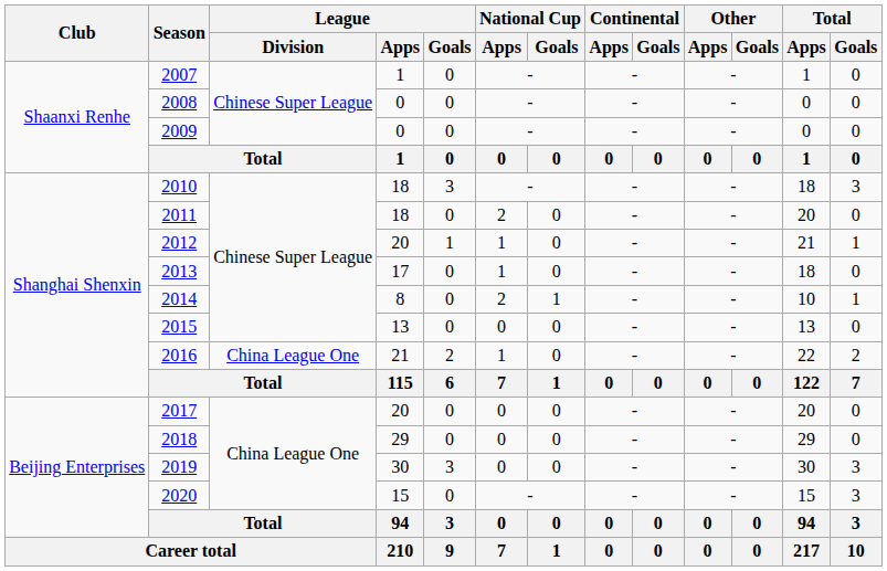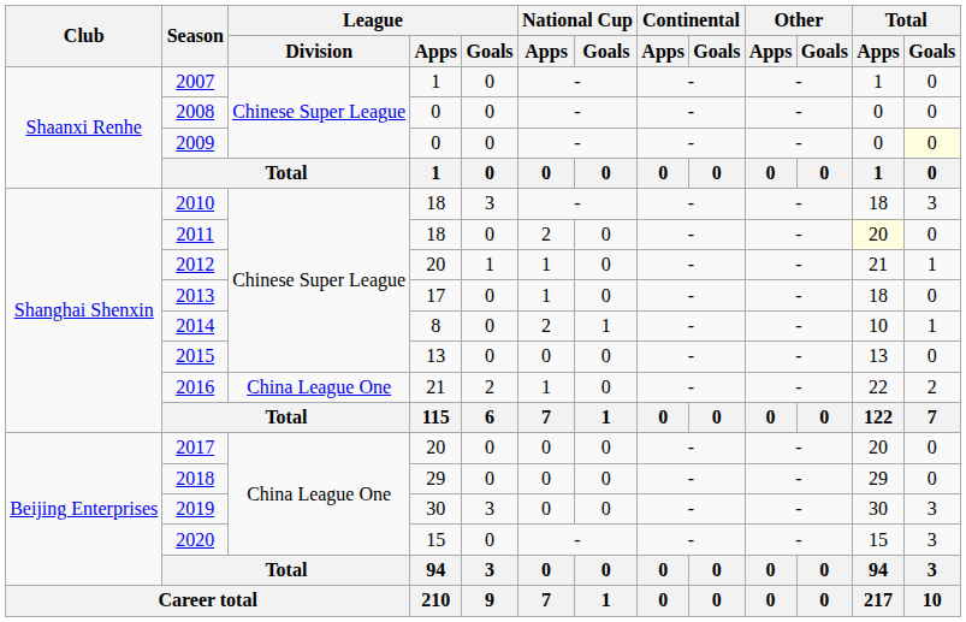 <table class="wikitable" style="text-align: center">
 <tr>
 <th rowspan="2">Club</th>
 <th rowspan="2">Season</th>
 <th colspan="3">League</th>
 <th colspan="2">National Cup</th>
 <th colspan="2">Continental</th>
 <th colspan="2">Other</th>
 <th colspan="2">Total</th>
 </tr>
 <tr>
 <th>Division</th>
 <th>Apps</th>
 <th>Goals</th>
 <th>Apps</th>
 <th>Goals</th>
 <th>Apps</th>
 <th>Goals</th>
 <th>Apps</th>
 <th>Goals</th>
 <th>Apps</th>
 <th>Goals</th>
 </tr>
 <tr>
 <td rowspan=4><a href='#'>Shaanxi Renhe</a></td>
 <td><a href='#'>2007</a></td>
 <td rowspan=3><a href='#'>Chinese Super League</a></td>
 <td>1</td>
 <td>0</td>
 <td colspan="2">-</td>
 <td colspan="2">-</td>
 <td colspan="2">-</td>
 <td>1</td>
 <td>0</td>
 </tr>
 <tr>
 <td><a href='#'>2008</a></td>
 <td>0</td>
 <td>0</td>
 <td colspan="2">-</td>
 <td colspan="2">-</td>
 <td colspan="2">-</td>
 <td>0</td>
 <td>0</td>
 </tr>
 <tr>
 <td><a href='#'>2009</a></td>
 <td>0</td>
 <td>0</td>
 <td colspan="2">-</td>
 <td colspan="2">-</td>
 <td colspan="2">-</td>
 <td>0</td>
-<td>0</td>
+<td style="background: lightyellow;">0</td>
 </tr>
 <tr>
 <th colspan="2"><strong>Total</strong></th>
 <th>1</th>
 <th>0</th>
 <th>0</th>
 <th>0</th>
 <th>0</th>
 <th>0</th>
 <th>0</th>
 <th>0</th>
 <th>1</th>
 <th>0</th>
 </tr>
 <tr>
 <td rowspan=8><a href='#'>Shanghai Shenxin</a></td>
 <td><a href='#'>2010</a></td>
 <td rowspan=6>Chinese Super League</td>
 <td>18</td>
 <td>3</td>
 <td colspan="2">-</td>
 <td colspan="2">-</td>
 <td colspan="2">-</td>
 <td>18</td>
 <td>3</td>
 </tr>
 <tr>
 <td><a href='#'>2011</a></td>
 <td>18</td>
 <td>0</td>
 <td>2</td>
 <td>0</td>
 <td colspan="2">-</td>
 <td colspan="2">-</td>
-<td>20</td>
+<td style="background: lightyellow;">20</td>
 <td>0</td>
 </tr>
 <tr>
 <td><a href='#'>2012</a></td>
 <td>20</td>
 <td>1</td>
 <td>1</td>
 <td>0</td>
 <td colspan="2">-</td>
 <td colspan="2">-</td>
 <td>21</td>
 <td>1</td>
 </tr>
 <tr>
 <td><a href='#'>2013</a></td>
 <td>17</td>
 <td>0</td>
 <td>1</td>
 <td>0</td>
 <td colspan="2">-</td>
 <td colspan="2">-</td>
 <td>18</td>
 <td>0</td>
 </tr>
 <tr>
 <td><a href='#'>2014</a></td>
 <td>8</td>
 <td>0</td>
 <td>2</td>
 <td>1</td>
 <td colspan="2">-</td>
 <td colspan="2">-</td>
 <td>10</td>
 <td>1</td>
 </tr>
 <tr>
 <td><a href='#'>2015</a></td>
 <td>13</td>
 <td>0</td>
 <td>0</td>
 <td>0</td>
 <td colspan="2">-</td>
 <td colspan="2">-</td>
 <td>13</td>
 <td>0</td>
 </tr>
 <tr>
 <td><a href='#'>2016</a></td>
 <td><a href='#'>China League One</a></td>
 <td>21</td>
 <td>2</td>
 <td>1</td>
 <td>0</td>
 <td colspan="2">-</td>
 <td colspan="2">-</td>
 <td>22</td>
 <td>2</td>
 </tr>
 <tr>
 <th colspan="2"><strong>Total</strong></th>
 <th>115</th>
 <th>6</th>
 <th>7</th>
 <th>1</th>
 <th>0</th>
 <th>0</th>
 <th>0</th>
 <th>0</th>
 <th>122</th>
 <th>7</th>
 </tr>
 <tr>
 <td rowspan=5><a href='#'>Beijing Enterprises</a></td>
 <td><a href='#'>2017</a></td>
 <td rowspan="4">China League One</td>
 <td>20</td>
 <td>0</td>
 <td>0</td>
 <td>0</td>
 <td colspan="2">-</td>
 <td colspan="2">-</td>
 <td>20</td>
 <td>0</td>
 </tr>
 <tr>
 <td><a href='#'>2018</a></td>
 <td>29</td>
 <td>0</td>
 <td>0</td>
 <td>0</td>
 <td colspan="2">-</td>
 <td colspan="2">-</td>
 <td>29</td>
 <td>0</td>
 </tr>
 <tr>
 <td><a href='#'>2019</a></td>
 <td>30</td>
 <td>3</td>
 <td>0</td>
 <td>0</td>
 <td colspan="2">-</td>
 <td colspan="2">-</td>
 <td>30</td>
 <td>3</td>
 </tr>
 <tr>
 <td><a href='#'>2020</a></td>
 <td>15</td>
 <td>0</td>
 <td colspan="2">-</td>
 <td colspan="2">-</td>
 <td colspan="2">-</td>
 <td>15</td>
 <td>3</td>
 </tr>
 <tr>
 <th colspan="2"><strong>Total</strong></th>
 <th>94</th>
 <th>3</th>
 <th>0</th>
 <th>0</th>
 <th>0</th>
 <th>0</th>
 <th>0</th>
 <th>0</th>
 <th>94</th>
 <th>3</th>
 </tr>
 <tr>
 <th colspan=3>Career total</th>
 <th>210</th>
 <th>9</th>
 <th>7</th>
 <th>1</th>
 <th>0</th>
 <th>0</th>
 <th>0</th>
 <th>0</th>
 <th>217</th>
 <th>10</th>
 </tr>
 </table>
